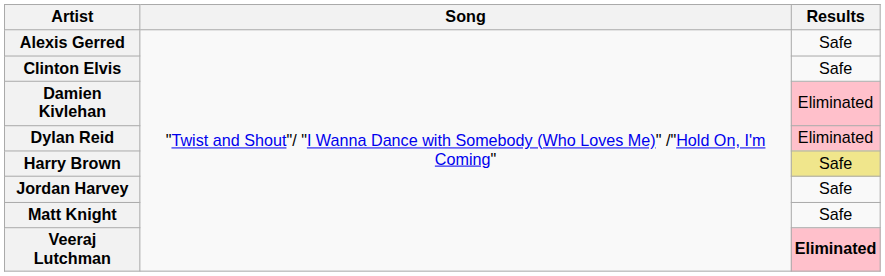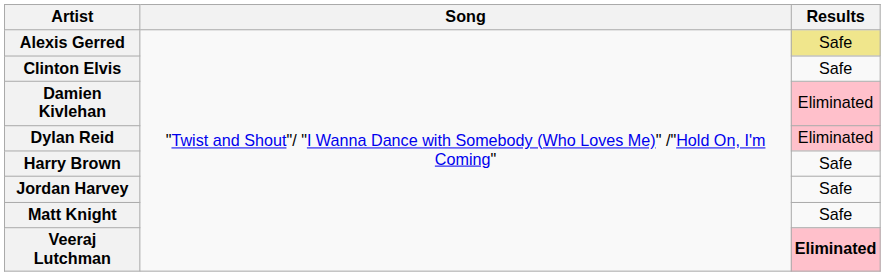 <table class="wikitable plainrowheaders" style="text-align:center;">
 <tr>
 <th scope="col">Artist</th>
 <th scope="col">Song</th>
 <th scope="col">Results</th>
 </tr>
 <tr>
 <th scope="row">Alexis Gerred</th>
 <td rowspan="8">"<a href='#'>Twist and Shout</a>"/ "<a href='#'>I Wanna Dance with Somebody (Who Loves Me)</a>" /"<a href='#'>Hold On, I'm Coming</a>"</td>
-<td>Safe</td>
+<td style="background: khaki;">Safe</td>
 </tr>
 <tr>
 <th scope="row">Clinton Elvis</th>
 <td>Safe</td>
 </tr>
 <tr>
 <th scope="row">Damien Kivlehan</th>
 <td style="background:pink;">Eliminated</td>
 </tr>
 <tr>
 <th scope="row">Dylan Reid</th>
 <td style="background:pink;">Eliminated</td>
 </tr>
 <tr>
 <th scope="row">Harry Brown</th>
-<td style="background: khaki;">Safe</td>
+<td>Safe</td>
 </tr>
 <tr>
 <th scope="row">Jordan Harvey</th>
 <td>Safe</td>
 </tr>
 <tr>
 <th scope="row">Matt Knight</th>
 <td>Safe</td>
 </tr>
 <tr>
 <th scope="row">Veeraj Lutchman</th>
 <td style="background:pink;"><strong>Eliminated</strong></td>
 </tr>
 </table>
